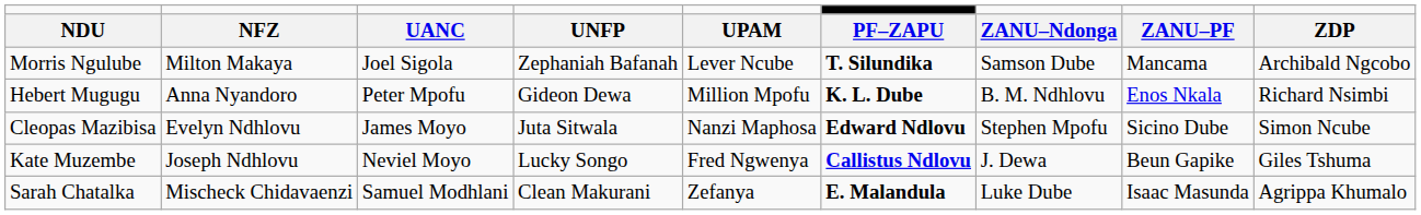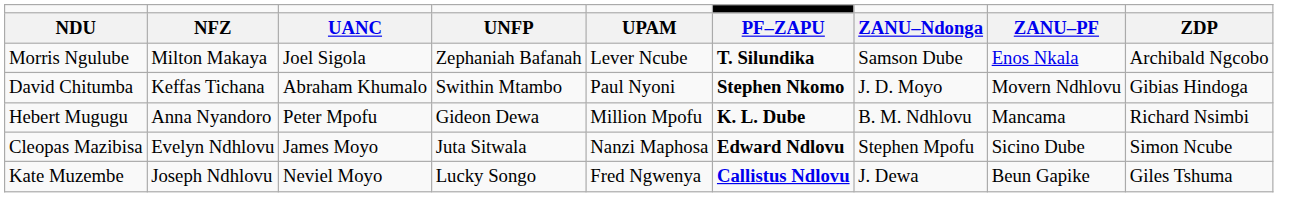 <table class="wikitable">
 <tr>
 <td></td>
 <td></td>
 <td style="background-color: "></td>
 <td style="background-color: "></td>
 <td></td>
 <td style="background-color:#000000"></td>
 <td></td>
 <td style="background-color: "></td>
 <td></td>
 </tr>
 <tr>
 <th>NDU</th>
 <th>NFZ</th>
 <th><a href='#'>UANC</a></th>
 <th>UNFP</th>
 <th>UPAM</th>
 <th><a href='#'>PF–ZAPU</a></th>
 <th><a href='#'>ZANU–Ndonga</a></th>
 <th><a href='#'>ZANU–PF</a></th>
 <th>ZDP</th>
 </tr>
 <tr>
 <td>Morris Ngulube</td>
 <td>Milton Makaya</td>
 <td>Joel Sigola</td>
 <td>Zephaniah Bafanah</td>
 <td>Lever Ncube</td>
 <td><strong>T. Silundika</strong></td>
 <td>Samson Dube</td>
-<td>Mancama</td>
+<td><a href='#'>Enos Nkala</a></td>
 <td>Archibald Ngcobo</td>
+</tr>
+<tr>
+<td>David Chitumba</td>
+<td>Keffas Tichana</td>
+<td>Abraham Khumalo</td>
+<td>Swithin Mtambo</td>
+<td>Paul Nyoni</td>
+<td><strong>Stephen Nkomo</strong></td>
+<td>J. D. Moyo</td>
+<td>Movern Ndhlovu</td>
+<td>Gibias Hindoga</td>
 </tr>
 <tr>
 <td>Hebert Mugugu</td>
 <td>Anna Nyandoro</td>
 <td>Peter Mpofu</td>
 <td>Gideon Dewa</td>
 <td>Million Mpofu</td>
 <td><strong>K. L. Dube</strong></td>
 <td>B. M. Ndhlovu</td>
-<td><a href='#'>Enos Nkala</a></td>
+<td>Mancama</td>
 <td>Richard Nsimbi</td>
 </tr>
 <tr>
 <td>Cleopas Mazibisa</td>
 <td>Evelyn Ndhlovu</td>
 <td>James Moyo</td>
 <td>Juta Sitwala</td>
 <td>Nanzi Maphosa</td>
 <td><strong>Edward Ndlovu</strong></td>
 <td>Stephen Mpofu</td>
 <td>Sicino Dube</td>
 <td>Simon Ncube</td>
 </tr>
 <tr>
 <td>Kate Muzembe</td>
 <td>Joseph Ndhlovu</td>
 <td>Neviel Moyo</td>
 <td>Lucky Songo</td>
 <td>Fred Ngwenya</td>
 <td><strong><a href='#'>Callistus Ndlovu</a></strong></td>
 <td>J. Dewa</td>
 <td>Beun Gapike</td>
 <td>Giles Tshuma</td>
 </tr>
-<tr>
-<td>Sarah Chatalka</td>
-<td>Mischeck Chidavaenzi</td>
-<td>Samuel Modhlani</td>
-<td>Clean Makurani</td>
-<td>Zefanya</td>
-<td><strong>E. Malandula</strong></td>
-<td>Luke Dube</td>
-<td>Isaac Masunda</td>
-<td>Agrippa Khumalo</td>
-</tr>
 </table>
